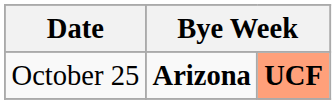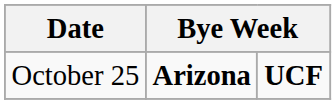 <table class="wikitable" style="font-size:95%;">
 <tr>
 <th>Date</th>
 <th colspan="2">Bye Week</th>
 </tr>
 <tr>
 <td>October 25</td>
 <td><strong>Arizona</strong></td>
-<td style="background: lightsalmon;"><strong>UCF</strong></td>
+<td><strong>UCF</strong></td>
 </tr>
 </table>
